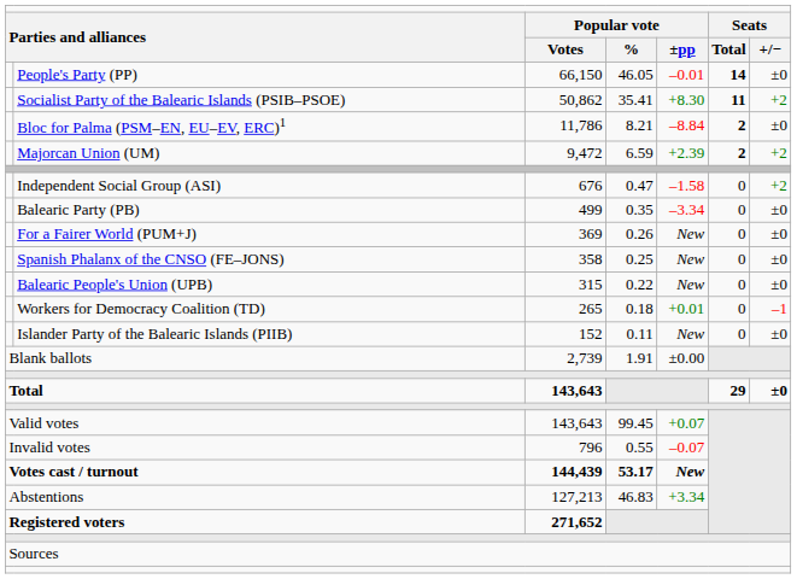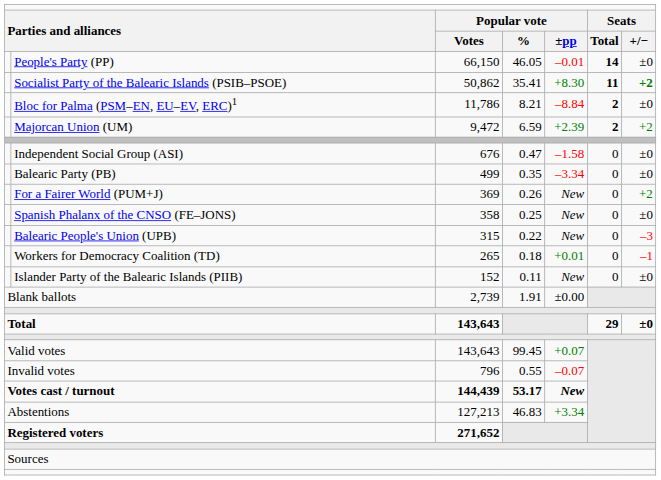 <table class="wikitable" style="text-align:right;">
 <tr>
 <td colspan="7"></td>
 </tr>
 <tr>
 <th style="text-align:left;" rowspan="2" colspan="2" width="525">Parties and alliances</th>
 <th colspan="3">Popular vote</th>
 <th colspan="2">Seats</th>
 </tr>
 <tr>
 <th width="75">Votes</th>
 <th width="45">%</th>
 <th width="45">±<a href='#'>pp</a></th>
 <th width="35">Total</th>
 <th width="35">+/−</th>
 </tr>
 <tr>
 <td width="1" style="color:inherit;background:"></td>
 <td align="left"><a href='#'>People's Party</a> (PP)</td>
 <td>66,150</td>
 <td>46.05</td>
 <td style="color:red;">–0.01</td>
 <td><strong>14</strong></td>
 <td>±0</td>
 </tr>
 <tr>
 <td style="color:inherit;background:"></td>
 <td align="left"><a href='#'>Socialist Party of the Balearic Islands</a> (PSIB–PSOE)</td>
 <td>50,862</td>
 <td>35.41</td>
 <td style="color:green;">+8.30</td>
 <td><strong>11</strong></td>
-<td style="color:green;">+2</td>
+<td style="color:green;"><strong>+2</strong></td>
 </tr>
 <tr>
 <td style="color:inherit;background:"></td>
 <td align="left"><a href='#'>Bloc for Palma</a> (<a href='#'>PSM</a>–<a href='#'>EN</a>, <a href='#'>EU</a>–<a href='#'>EV</a>, <a href='#'>ERC</a>)<sup>1</sup></td>
 <td>11,786</td>
 <td>8.21</td>
 <td style="color:red;">–8.84</td>
 <td><strong>2</strong></td>
 <td>±0</td>
 </tr>
 <tr>
 <td style="color:inherit;background:"></td>
 <td align="left"><a href='#'>Majorcan Union</a> (UM)</td>
 <td>9,472</td>
 <td>6.59</td>
 <td style="color:green;">+2.39</td>
 <td><strong>2</strong></td>
 <td style="color:green;">+2</td>
 </tr>
 <tr>
 <td colspan="7" bgcolor="#C0C0C0"></td>
 </tr>
 <tr>
 <td style="color:inherit;background:"></td>
 <td align="left">Independent Social Group (ASI)</td>
 <td>676</td>
 <td>0.47</td>
 <td style="color:red;">–1.58</td>
 <td>0</td>
-<td style="color:green;">+2</td>
+<td>±0</td>
 </tr>
 <tr>
 <td style="color:inherit;background:"></td>
 <td align="left">Balearic Party (PB)</td>
 <td>499</td>
 <td>0.35</td>
 <td style="color:red;">–3.34</td>
 <td>0</td>
 <td>±0</td>
 </tr>
 <tr>
 <td style="color:inherit;background:"></td>
 <td align="left"><a href='#'>For a Fairer World</a> (PUM+J)</td>
 <td>369</td>
 <td>0.26</td>
 <td><em>New</em></td>
 <td>0</td>
-<td>±0</td>
+<td style="color:green;">+2</td>
 </tr>
 <tr>
 <td style="color:inherit;background:"></td>
 <td align="left"><a href='#'>Spanish Phalanx of the CNSO</a> (FE–JONS)</td>
 <td>358</td>
 <td>0.25</td>
 <td><em>New</em></td>
 <td>0</td>
 <td>±0</td>
 </tr>
 <tr>
 <td style="color:inherit;background:"></td>
 <td align="left"><a href='#'>Balearic People's Union</a> (UPB)</td>
 <td>315</td>
 <td>0.22</td>
 <td><em>New</em></td>
 <td>0</td>
-<td>±0</td>
+<td style="color:red;">–3</td>
 </tr>
 <tr>
 <td style="color:inherit;background:"></td>
 <td align="left">Workers for Democracy Coalition (TD)</td>
 <td>265</td>
 <td>0.18</td>
 <td style="color:green;">+0.01</td>
 <td>0</td>
 <td style="color:red;">–1</td>
 </tr>
 <tr>
 <td style="color:inherit;background:"></td>
 <td align="left">Islander Party of the Balearic Islands (PIIB)</td>
 <td>152</td>
 <td>0.11</td>
 <td><em>New</em></td>
 <td>0</td>
 <td>±0</td>
 </tr>
 <tr>
 <td align="left" colspan="2">Blank ballots</td>
 <td>2,739</td>
 <td>1.91</td>
 <td>±0.00</td>
 <td bgcolor="#E9E9E9" colspan="2"></td>
 </tr>
 <tr>
 <td colspan="7" bgcolor="#E9E9E9"></td>
 </tr>
 <tr style="font-weight:bold;">
 <td align="left" colspan="2">Total</td>
 <td>143,643</td>
 <td bgcolor="#E9E9E9" colspan="2"></td>
 <td>29</td>
 <td>±0</td>
 </tr>
 <tr>
 <td colspan="7" bgcolor="#E9E9E9"></td>
 </tr>
 <tr>
 <td align="left" colspan="2">Valid votes</td>
 <td>143,643</td>
 <td>99.45</td>
 <td style="color:green;">+0.07</td>
 <td bgcolor="#E9E9E9" colspan="2" rowspan="5"></td>
 </tr>
 <tr>
 <td align="left" colspan="2">Invalid votes</td>
 <td>796</td>
 <td>0.55</td>
 <td style="color:red;">–0.07</td>
 </tr>
 <tr style="font-weight:bold;">
 <td align="left" colspan="2">Votes cast / turnout</td>
 <td>144,439</td>
 <td>53.17</td>
 <td><em>New</em></td>
 </tr>
 <tr>
 <td align="left" colspan="2">Abstentions</td>
 <td>127,213</td>
 <td>46.83</td>
 <td style="color:green;">+3.34</td>
 </tr>
 <tr style="font-weight:bold;">
 <td align="left" colspan="2">Registered voters</td>
 <td>271,652</td>
 <td bgcolor="#E9E9E9" colspan="2"></td>
 </tr>
 <tr>
 <td colspan="7" bgcolor="#E9E9E9"></td>
 </tr>
 <tr>
 <td align="left" colspan="7">Sources</td>
 </tr>
 <tr>
 <td colspan="7" style="text-align:left; max-width:790px;"></td>
 </tr>
 </table>
